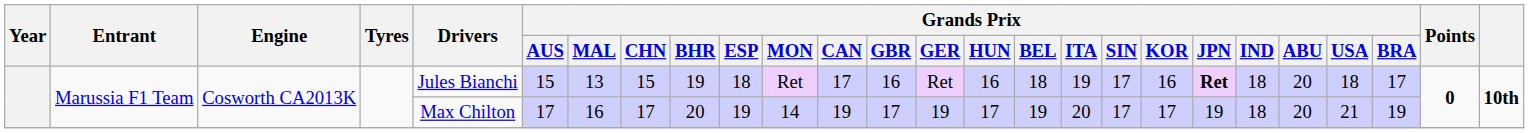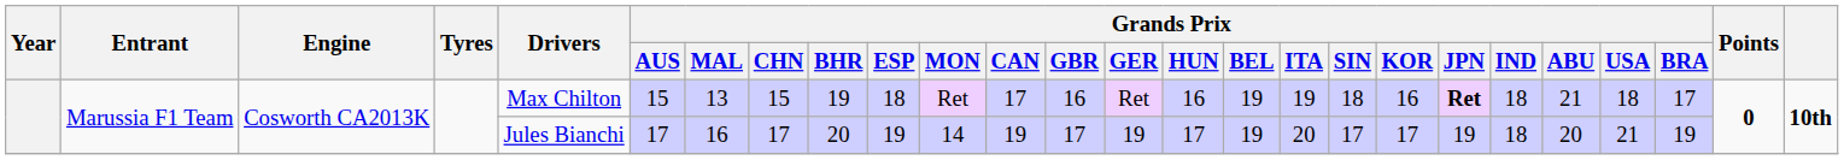 <table class="wikitable" style="text-align:center; font-size:95%">
 <tr>
 <th rowspan="2">Year</th>
 <th rowspan="2">Entrant</th>
 <th rowspan="2">Engine</th>
 <th rowspan="2">Tyres</th>
 <th rowspan="2">Drivers</th>
 <th colspan="19">Grands Prix</th>
 <th rowspan="2">Points</th>
 <th rowspan="2"></th>
 </tr>
 <tr>
 <th><a href='#'>AUS</a></th>
 <th><a href='#'>MAL</a></th>
 <th><a href='#'>CHN</a></th>
 <th><a href='#'>BHR</a></th>
 <th><a href='#'>ESP</a></th>
 <th><a href='#'>MON</a></th>
 <th><a href='#'>CAN</a></th>
 <th><a href='#'>GBR</a></th>
 <th><a href='#'>GER</a></th>
 <th><a href='#'>HUN</a></th>
 <th><a href='#'>BEL</a></th>
 <th><a href='#'>ITA</a></th>
 <th><a href='#'>SIN</a></th>
 <th><a href='#'>KOR</a></th>
 <th><a href='#'>JPN</a></th>
 <th><a href='#'>IND</a></th>
 <th><a href='#'>ABU</a></th>
 <th><a href='#'>USA</a></th>
 <th><a href='#'>BRA</a></th>
 </tr>
 <tr>
 <th rowspan="2"></th>
 <td rowspan="2"><a href='#'>Marussia F1 Team</a></td>
 <td rowspan="2"><a href='#'>Cosworth CA2013K</a></td>
 <td rowspan="2"></td>
-<td align="center"><a href='#'>Jules Bianchi</a></td>
+<td align="center"><a href='#'>Max Chilton</a></td>
 <td style="background:#cfcfff;">15</td>
 <td style="background:#cfcfff;">13</td>
 <td style="background:#cfcfff;">15</td>
 <td style="background:#cfcfff;">19</td>
 <td style="background:#cfcfff;">18</td>
 <td style="background:#efcfff;">Ret</td>
 <td style="background:#cfcfff;">17</td>
 <td style="background:#cfcfff;">16</td>
 <td style="background:#efcfff;">Ret</td>
 <td style="background:#cfcfff;">16</td>
+<td style="background:#cfcfff;">19</td>
+<td style="background:#cfcfff;">19</td>
 <td style="background:#cfcfff;">18</td>
-<td style="background:#cfcfff;">19</td>
-<td style="background:#cfcfff;">17</td>
 <td style="background:#cfcfff;">16</td>
 <td style="background:#efcfff;"><strong>Ret</strong></td>
 <td style="background:#cfcfff;">18</td>
-<td style="background:#cfcfff;">20</td>
+<td style="background:#cfcfff;">21</td>
 <td style="background:#cfcfff;">18</td>
 <td style="background:#cfcfff;">17</td>
 <td rowspan="2"><strong>0</strong></td>
 <td rowspan="2"><strong>10th</strong></td>
 </tr>
 <tr>
-<td align="center"><a href='#'>Max Chilton</a></td>
+<td align="center"><a href='#'>Jules Bianchi</a></td>
 <td style="background:#cfcfff;">17</td>
 <td style="background:#cfcfff;">16</td>
 <td style="background:#cfcfff;">17</td>
 <td style="background:#cfcfff;">20</td>
 <td style="background:#cfcfff;">19</td>
 <td style="background:#cfcfff;">14</td>
 <td style="background:#cfcfff;">19</td>
 <td style="background:#cfcfff;">17</td>
 <td style="background:#cfcfff;">19</td>
 <td style="background:#cfcfff;">17</td>
 <td style="background:#cfcfff;">19</td>
 <td style="background:#cfcfff;">20</td>
 <td style="background:#cfcfff;">17</td>
 <td style="background:#cfcfff;">17</td>
 <td style="background:#cfcfff;">19</td>
 <td style="background:#cfcfff;">18</td>
 <td style="background:#cfcfff;">20</td>
 <td style="background:#cfcfff;">21</td>
 <td style="background:#cfcfff;">19</td>
 </tr>
 <tr>
 </tr>
 </table>
